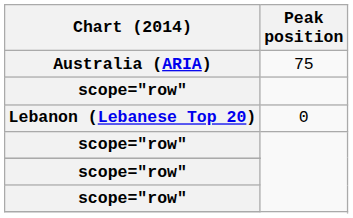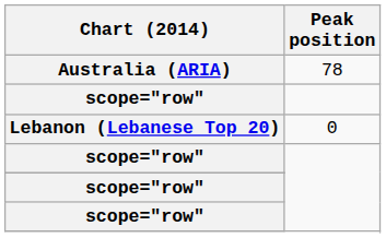 <table class="wikitable sortable plainrowheaders">
 <tr>
 <th scope="col">Chart (2014)</th>
 <th scope="col">Peak<br>position</th>
 </tr>
 <tr>
 <th scope="row">Australia (<a href='#'>ARIA</a>)</th>
-<td style="text-align:center;">75</td>
+<td style="text-align:center;">78</td>
 </tr>
 <tr>
 <th>scope="row"</th>
 </tr>
 <tr>
 <th scope="row">Lebanon (<a href='#'>Lebanese Top 20</a>)</th>
 <td style="text-align:center;">0</td>
 </tr>
 <tr>
 <th>scope="row"</th>
 </tr>
 <tr>
 </tr>
 <tr>
 <th>scope="row"</th>
 </tr>
 <tr>
 <th>scope="row"</th>
 </tr>
 <tr>
 </tr>
 </table>
